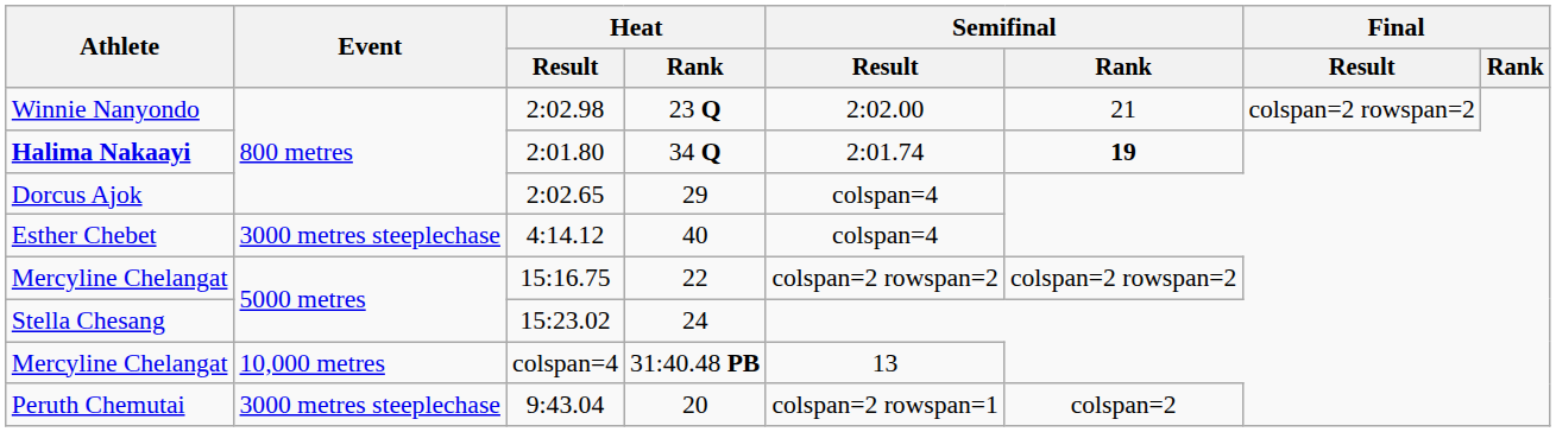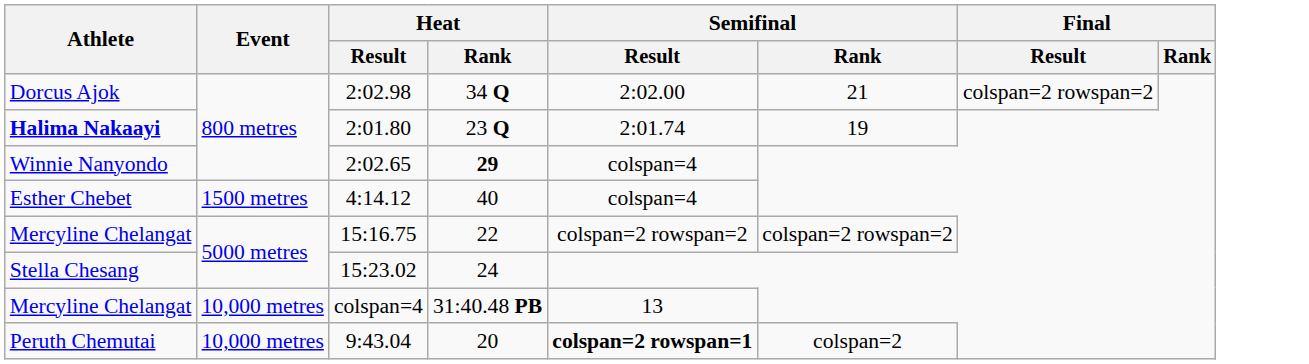 <table class="wikitable" style="font-size:90%">
 <tr>
 <th rowspan="2">Athlete</th>
 <th rowspan="2">Event</th>
 <th colspan="2">Heat</th>
 <th colspan="2">Semifinal</th>
 <th colspan="2">Final</th>
 </tr>
 <tr style="font-size:95%">
 <th>Result</th>
 <th>Rank</th>
 <th>Result</th>
 <th>Rank</th>
 <th>Result</th>
 <th>Rank</th>
 </tr>
 <tr style=text-align:center>
-<td style=text-align:left><a href='#'>Winnie Nanyondo</a></td>
+<td style=text-align:left><a href='#'>Dorcus Ajok</a></td>
 <td style=text-align:left rowspan=3><a href='#'>800 metres</a></td>
 <td>2:02.98</td>
-<td>23 <strong>Q</strong></td>
+<td>34 <strong>Q</strong></td>
 <td>2:02.00</td>
 <td>21</td>
 <td>colspan=2 rowspan=2 </td>
 </tr>
 <tr style=text-align:center>
 <td style=text-align:left><strong><a href='#'>Halima Nakaayi</a></strong></td>
 <td>2:01.80</td>
-<td>34 <strong>Q</strong></td>
+<td>23 <strong>Q</strong></td>
 <td>2:01.74</td>
-<td><strong>19</strong></td>
+<td>19</td>
 </tr>
 <tr style=text-align:center>
-<td style=text-align:left><a href='#'>Dorcus Ajok</a></td>
+<td style=text-align:left><a href='#'>Winnie Nanyondo</a></td>
 <td>2:02.65</td>
-<td>29</td>
+<td><strong>29</strong></td>
 <td>colspan=4 </td>
 </tr>
 <tr style=text-align:center>
 <td style=text-align:left><a href='#'>Esther Chebet</a></td>
-<td style=text-align:left><a href='#'>3000 metres steeplechase</a></td>
+<td style=text-align:left><a href='#'>1500 metres</a></td>
 <td>4:14.12</td>
 <td>40</td>
 <td>colspan=4 </td>
 </tr>
 <tr style=text-align:center>
 <td style=text-align:left><a href='#'>Mercyline Chelangat</a></td>
 <td style=text-align:left rowspan=2><a href='#'>5000 metres</a></td>
 <td>15:16.75</td>
 <td>22</td>
 <td>colspan=2 rowspan=2 </td>
 <td>colspan=2 rowspan=2 </td>
 </tr>
 <tr style=text-align:center>
 <td style=text-align:left><a href='#'>Stella Chesang</a></td>
 <td>15:23.02</td>
 <td>24</td>
 </tr>
 <tr style=text-align:center>
 <td style=text-align:left><a href='#'>Mercyline Chelangat</a></td>
 <td style=text-align:left><a href='#'>10,000 metres</a></td>
 <td>colspan=4 </td>
 <td>31:40.48 <strong>PB</strong></td>
 <td>13</td>
 </tr>
 <tr style=text-align:center>
 <td style=text-align:left><a href='#'>Peruth Chemutai</a></td>
-<td style=text-align:left><a href='#'>3000 metres steeplechase</a></td>
+<td style=text-align:left><a href='#'>10,000 metres</a></td>
 <td>9:43.04</td>
 <td>20</td>
-<td>colspan=2 rowspan=1</td>
+<td><strong>colspan=2 rowspan=1</strong></td>
 <td>colspan=2 </td>
 </tr>
 </table>
